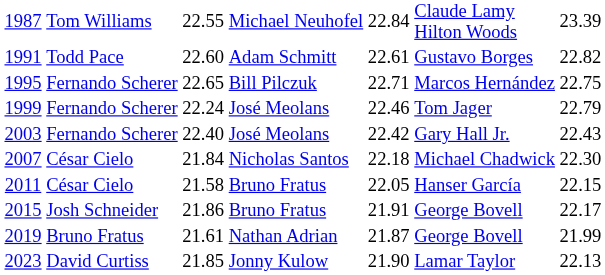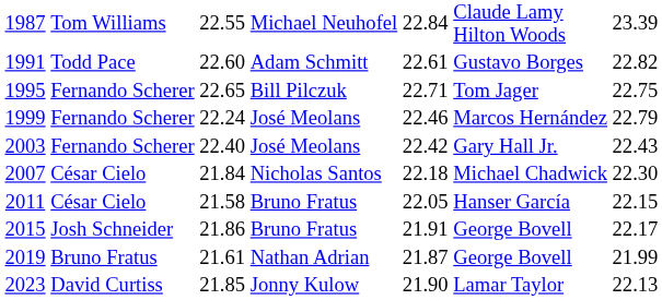 <table>
 <tr>
 <td align=center><a href='#'>1987</a></td>
 <td> <a href='#'>Tom Williams</a></td>
 <td>22.55</td>
 <td> <a href='#'>Michael Neuhofel</a></td>
 <td>22.84</td>
 <td> <a href='#'>Claude Lamy</a><br> <a href='#'>Hilton Woods</a></td>
 <td>23.39</td>
 </tr>
 <tr>
 <td align=center><a href='#'>1991</a></td>
 <td> <a href='#'>Todd Pace</a></td>
 <td>22.60</td>
 <td> <a href='#'>Adam Schmitt</a></td>
 <td>22.61</td>
 <td> <a href='#'>Gustavo Borges</a></td>
 <td>22.82</td>
 </tr>
 <tr>
 <td align=center><a href='#'>1995</a></td>
 <td> <a href='#'>Fernando Scherer</a></td>
 <td>22.65</td>
 <td> <a href='#'>Bill Pilczuk</a></td>
 <td>22.71</td>
-<td> <a href='#'>Marcos Hernández</a></td>
+<td> <a href='#'>Tom Jager</a></td>
 <td>22.75</td>
 </tr>
 <tr>
 <td align=center><a href='#'>1999</a></td>
 <td> <a href='#'>Fernando Scherer</a></td>
 <td>22.24</td>
 <td> <a href='#'>José Meolans</a></td>
 <td>22.46</td>
-<td> <a href='#'>Tom Jager</a></td>
+<td> <a href='#'>Marcos Hernández</a></td>
 <td>22.79</td>
 </tr>
 <tr>
 <td align=center><a href='#'>2003</a></td>
 <td> <a href='#'>Fernando Scherer</a></td>
 <td>22.40</td>
 <td> <a href='#'>José Meolans</a></td>
 <td>22.42</td>
 <td> <a href='#'>Gary Hall Jr.</a></td>
 <td>22.43</td>
 </tr>
 <tr>
 <td align=center><a href='#'>2007</a></td>
 <td> <a href='#'>César Cielo</a></td>
 <td>21.84</td>
 <td> <a href='#'>Nicholas Santos</a></td>
 <td>22.18</td>
 <td> <a href='#'>Michael Chadwick</a></td>
 <td>22.30</td>
 </tr>
 <tr>
 <td align=center><a href='#'>2011</a></td>
 <td> <a href='#'>César Cielo</a></td>
 <td>21.58</td>
 <td> <a href='#'>Bruno Fratus</a></td>
 <td>22.05</td>
 <td> <a href='#'>Hanser García</a></td>
 <td>22.15</td>
 </tr>
 <tr>
 <td align=center><a href='#'>2015</a></td>
 <td> <a href='#'>Josh Schneider</a></td>
 <td>21.86</td>
 <td> <a href='#'>Bruno Fratus</a></td>
 <td>21.91</td>
 <td> <a href='#'>George Bovell</a></td>
 <td>22.17</td>
 </tr>
 <tr>
 <td align=center><a href='#'>2019</a></td>
 <td> <a href='#'>Bruno Fratus</a></td>
 <td>21.61</td>
 <td> <a href='#'>Nathan Adrian</a></td>
 <td>21.87</td>
 <td> <a href='#'>George Bovell</a></td>
 <td>21.99</td>
 </tr>
 <tr>
 <td align=center><a href='#'>2023</a></td>
 <td> <a href='#'>David Curtiss</a></td>
 <td>21.85</td>
 <td> <a href='#'>Jonny Kulow</a></td>
 <td>21.90</td>
 <td> <a href='#'>Lamar Taylor</a></td>
 <td>22.13</td>
 </tr>
 </table>
